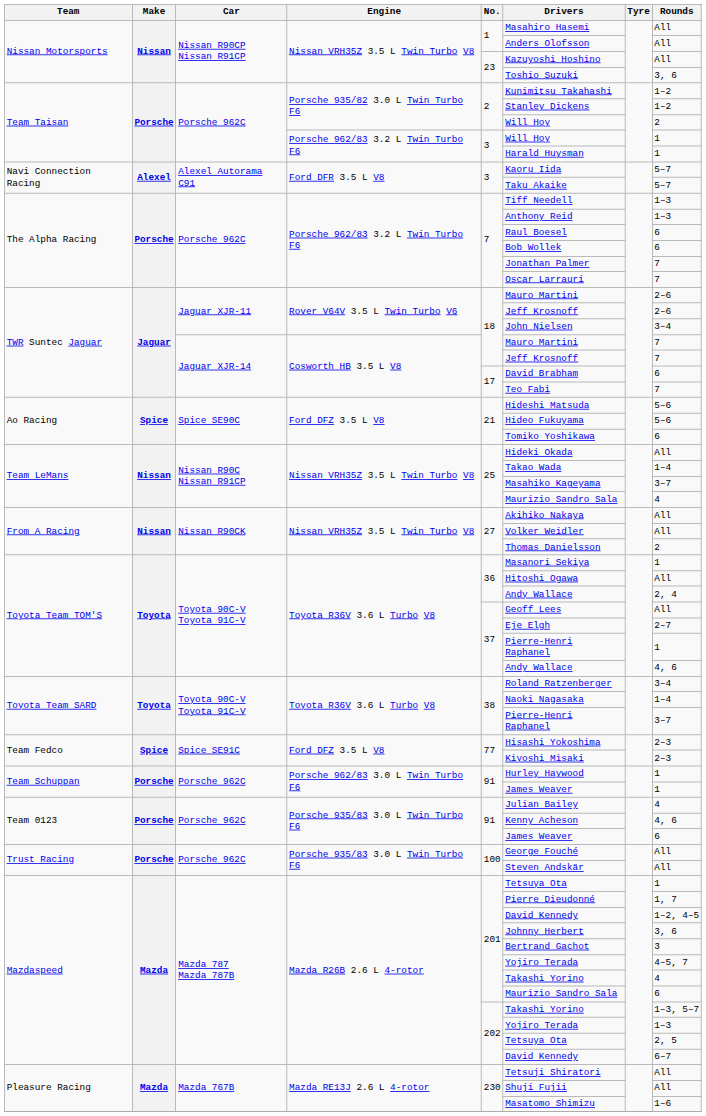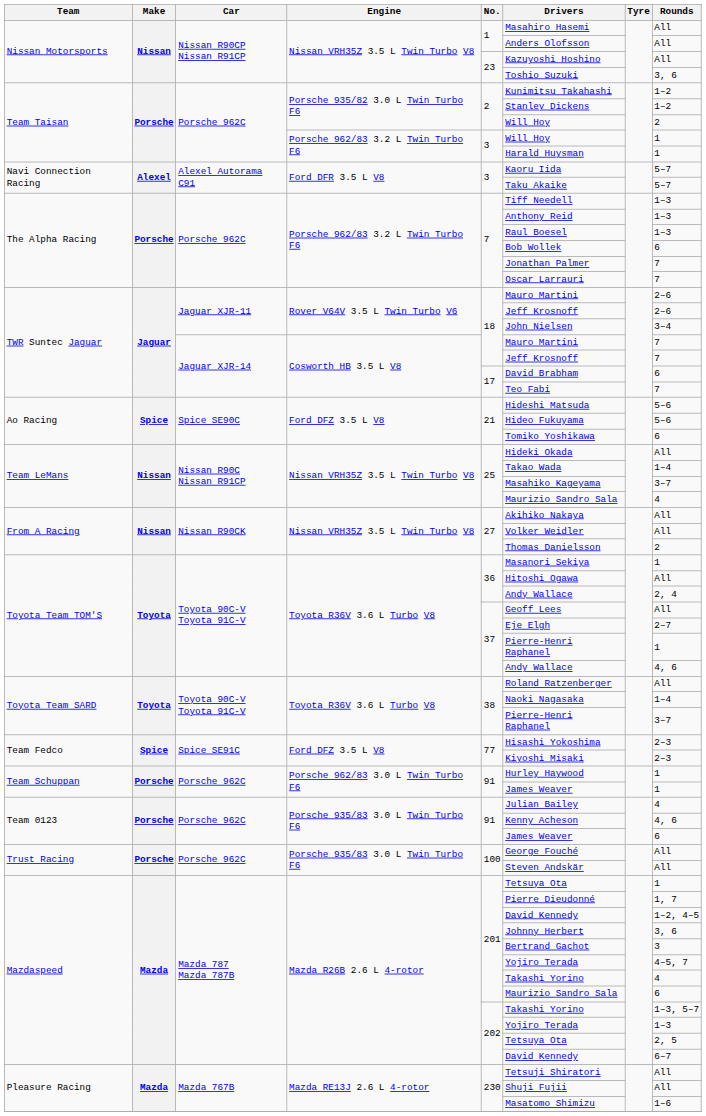 <table class="wikitable" style="font-size: 90%;">
 <tr>
 <th>Team</th>
 <th>Make</th>
 <th>Car</th>
 <th>Engine</th>
 <th>No.</th>
 <th>Drivers</th>
 <th>Tyre</th>
 <th>Rounds</th>
 </tr>
 <tr>
 <td rowspan=4><a href='#'>Nissan Motorsports</a></td>
 <th rowspan=4><a href='#'>Nissan</a></th>
 <td rowspan=4><a href='#'>Nissan R90CP</a><br><a href='#'>Nissan R91CP</a></td>
 <td rowspan=4><a href='#'>Nissan VRH35Z</a> 3.5 L <a href='#'>Twin Turbo</a> <a href='#'>V8</a></td>
 <td rowspan=2>1</td>
 <td> <a href='#'>Masahiro Hasemi</a></td>
 <td align=center rowspan=4></td>
 <td>All</td>
 </tr>
 <tr>
 <td> <a href='#'>Anders Olofsson</a></td>
 <td>All</td>
 </tr>
 <tr>
 <td rowspan=2>23</td>
 <td> <a href='#'>Kazuyoshi Hoshino</a></td>
 <td>All</td>
 </tr>
 <tr>
 <td> <a href='#'>Toshio Suzuki</a></td>
 <td>3, 6</td>
 </tr>
 <tr>
 <td rowspan=5><a href='#'>Team Taisan</a></td>
 <th rowspan=5><a href='#'>Porsche</a></th>
 <td rowspan=5><a href='#'>Porsche 962C</a></td>
 <td rowspan=3><a href='#'>Porsche 935/82</a> 3.0 L <a href='#'>Twin Turbo</a> <a href='#'>F6</a></td>
 <td rowspan=3>2</td>
 <td> <a href='#'>Kunimitsu Takahashi</a></td>
 <td align=center rowspan=5></td>
 <td>1–2</td>
 </tr>
 <tr>
 <td> <a href='#'>Stanley Dickens</a></td>
 <td>1–2</td>
 </tr>
 <tr>
 <td> <a href='#'>Will Hoy</a></td>
 <td>2</td>
 </tr>
 <tr>
 <td rowspan=2><a href='#'>Porsche 962/83</a> 3.2 L <a href='#'>Twin Turbo</a> <a href='#'>F6</a></td>
 <td rowspan=2>3</td>
 <td> <a href='#'>Will Hoy</a></td>
 <td>1</td>
 </tr>
 <tr>
 <td> <a href='#'>Harald Huysman</a></td>
 <td>1</td>
 </tr>
 <tr>
 <td rowspan=2>Navi Connection Racing</td>
 <th rowspan=2><a href='#'>Alexel</a></th>
 <td rowspan=2><a href='#'>Alexel Autorama C91</a></td>
 <td rowspan=2><a href='#'>Ford DFR</a> 3.5 L <a href='#'>V8</a></td>
 <td rowspan=2>3</td>
 <td> <a href='#'>Kaoru Iida</a></td>
 <td align=center rowspan=2></td>
 <td>5–7</td>
 </tr>
 <tr>
 <td> <a href='#'>Taku Akaike</a></td>
 <td>5–7</td>
 </tr>
 <tr>
 <td rowspan=6>The Alpha Racing</td>
 <th rowspan=6><a href='#'>Porsche</a></th>
 <td rowspan=6><a href='#'>Porsche 962C</a></td>
 <td rowspan=6><a href='#'>Porsche 962/83</a> 3.2 L <a href='#'>Twin Turbo</a> <a href='#'>F6</a></td>
 <td rowspan=6>7</td>
 <td> <a href='#'>Tiff Needell</a></td>
 <td align=center rowspan=6></td>
 <td>1–3</td>
 </tr>
 <tr>
 <td> <a href='#'>Anthony Reid</a></td>
 <td>1–3</td>
 </tr>
 <tr>
 <td> <a href='#'>Raul Boesel</a></td>
-<td>6</td>
+<td>1–3</td>
 </tr>
 <tr>
 <td> <a href='#'>Bob Wollek</a></td>
 <td>6</td>
 </tr>
 <tr>
 <td> <a href='#'>Jonathan Palmer</a></td>
 <td>7</td>
 </tr>
 <tr>
 <td> <a href='#'>Oscar Larrauri</a></td>
 <td>7</td>
 </tr>
 <tr>
 <td rowspan=7><a href='#'>TWR</a> Suntec <a href='#'>Jaguar</a></td>
 <th rowspan=7><a href='#'>Jaguar</a></th>
 <td rowspan=3><a href='#'>Jaguar XJR-11</a></td>
 <td rowspan=3><a href='#'>Rover V64V</a> 3.5 L <a href='#'>Twin Turbo</a> <a href='#'>V6</a></td>
 <td rowspan=5>18</td>
 <td> <a href='#'>Mauro Martini</a></td>
 <td align=center rowspan=7></td>
 <td>2–6</td>
 </tr>
 <tr>
 <td> <a href='#'>Jeff Krosnoff</a></td>
 <td>2–6</td>
 </tr>
 <tr>
 <td> <a href='#'>John Nielsen</a></td>
 <td>3–4</td>
 </tr>
 <tr>
 <td rowspan=4><a href='#'>Jaguar XJR-14</a></td>
 <td rowspan=4><a href='#'>Cosworth HB</a> 3.5 L <a href='#'>V8</a></td>
 <td> <a href='#'>Mauro Martini</a></td>
 <td>7</td>
 </tr>
 <tr>
 <td> <a href='#'>Jeff Krosnoff</a></td>
 <td>7</td>
 </tr>
 <tr>
 <td rowspan=2>17</td>
 <td> <a href='#'>David Brabham</a></td>
 <td>6</td>
 </tr>
 <tr>
 <td> <a href='#'>Teo Fabi</a></td>
 <td>7</td>
 </tr>
 <tr>
 <td rowspan=3>Ao Racing</td>
 <th rowspan=3><a href='#'>Spice</a></th>
 <td rowspan=3><a href='#'>Spice SE90C</a></td>
 <td rowspan=3><a href='#'>Ford DFZ</a> 3.5 L <a href='#'>V8</a></td>
 <td rowspan=3>21</td>
 <td> <a href='#'>Hideshi Matsuda</a></td>
 <td align=center rowspan=3></td>
 <td>5–6</td>
 </tr>
 <tr>
 <td> <a href='#'>Hideo Fukuyama</a></td>
 <td>5–6</td>
 </tr>
 <tr>
 <td> <a href='#'>Tomiko Yoshikawa</a></td>
 <td>6</td>
 </tr>
 <tr>
 <td rowspan=4><a href='#'>Team LeMans</a></td>
 <th rowspan=4><a href='#'>Nissan</a></th>
 <td rowspan=4><a href='#'>Nissan R90C</a><br><a href='#'>Nissan R91CP</a></td>
 <td rowspan=4><a href='#'>Nissan VRH35Z</a> 3.5 L <a href='#'>Twin Turbo</a> <a href='#'>V8</a></td>
 <td rowspan=4>25</td>
 <td> <a href='#'>Hideki Okada</a></td>
 <td align=center rowspan=4></td>
 <td>All</td>
 </tr>
 <tr>
 <td> <a href='#'>Takao Wada</a></td>
 <td>1–4</td>
 </tr>
 <tr>
 <td> <a href='#'>Masahiko Kageyama</a></td>
 <td>3–7</td>
 </tr>
 <tr>
 <td> <a href='#'>Maurizio Sandro Sala</a></td>
 <td>4</td>
 </tr>
 <tr>
 <td rowspan=3><a href='#'>From A Racing</a></td>
 <th rowspan=3><a href='#'>Nissan</a></th>
 <td rowspan=3><a href='#'>Nissan R90CK</a></td>
 <td rowspan=3><a href='#'>Nissan VRH35Z</a> 3.5 L <a href='#'>Twin Turbo</a> <a href='#'>V8</a></td>
 <td rowspan=3>27</td>
 <td> <a href='#'>Akihiko Nakaya</a></td>
 <td align=center rowspan=3></td>
 <td>All</td>
 </tr>
 <tr>
 <td> <a href='#'>Volker Weidler</a></td>
 <td>All</td>
 </tr>
 <tr>
 <td> <a href='#'>Thomas Danielsson</a></td>
 <td>2</td>
 </tr>
 <tr>
 <td rowspan=7><a href='#'>Toyota Team TOM'S</a></td>
 <th rowspan=7><a href='#'>Toyota</a></th>
 <td rowspan=7><a href='#'>Toyota 90C-V</a><br><a href='#'>Toyota 91C-V</a></td>
 <td rowspan=7><a href='#'>Toyota R36V</a> 3.6 L <a href='#'>Turbo</a> <a href='#'>V8</a></td>
 <td rowspan=3>36</td>
 <td> <a href='#'>Masanori Sekiya</a></td>
 <td align=center rowspan=7></td>
 <td>1</td>
 </tr>
 <tr>
 <td> <a href='#'>Hitoshi Ogawa</a></td>
 <td>All</td>
 </tr>
 <tr>
 <td> <a href='#'>Andy Wallace</a></td>
 <td>2, 4</td>
 </tr>
 <tr>
 <td rowspan=4>37</td>
 <td> <a href='#'>Geoff Lees</a></td>
 <td>All</td>
 </tr>
 <tr>
 <td> <a href='#'>Eje Elgh</a></td>
 <td>2–7</td>
 </tr>
 <tr>
 <td> <a href='#'>Pierre-Henri Raphanel</a></td>
 <td>1</td>
 </tr>
 <tr>
 <td> <a href='#'>Andy Wallace</a></td>
 <td>4, 6</td>
 </tr>
 <tr>
 <td rowspan=3><a href='#'>Toyota Team SARD</a></td>
 <th rowspan=3><a href='#'>Toyota</a></th>
 <td rowspan=3><a href='#'>Toyota 90C-V</a><br><a href='#'>Toyota 91C-V</a></td>
 <td rowspan=3><a href='#'>Toyota R36V</a> 3.6 L <a href='#'>Turbo</a> <a href='#'>V8</a></td>
 <td rowspan=3>38</td>
 <td> <a href='#'>Roland Ratzenberger</a></td>
 <td align=center rowspan=3></td>
-<td>3–4</td>
+<td>All</td>
 </tr>
 <tr>
 <td> <a href='#'>Naoki Nagasaka</a></td>
 <td>1–4</td>
 </tr>
 <tr>
 <td> <a href='#'>Pierre-Henri Raphanel</a></td>
 <td>3–7</td>
 </tr>
 <tr>
 <td rowspan=2>Team Fedco</td>
 <th rowspan=2><a href='#'>Spice</a></th>
 <td rowspan=2><a href='#'>Spice SE91C</a></td>
 <td rowspan=2><a href='#'>Ford DFZ</a> 3.5 L <a href='#'>V8</a></td>
 <td rowspan=2>77</td>
 <td> <a href='#'>Hisashi Yokoshima</a></td>
 <td align=center rowspan=2></td>
 <td>2–3</td>
 </tr>
 <tr>
 <td> <a href='#'>Kiyoshi Misaki</a></td>
 <td>2–3</td>
 </tr>
 <tr>
 <td rowspan=2><a href='#'>Team Schuppan</a></td>
 <th rowspan=2><a href='#'>Porsche</a></th>
 <td rowspan=2><a href='#'>Porsche 962C</a></td>
 <td rowspan=2><a href='#'>Porsche 962/83</a> 3.0 L <a href='#'>Twin Turbo</a> <a href='#'>F6</a></td>
 <td rowspan=2>91</td>
 <td> <a href='#'>Hurley Haywood</a></td>
 <td align=center rowspan=2></td>
 <td>1</td>
 </tr>
 <tr>
 <td> <a href='#'>James Weaver</a></td>
 <td>1</td>
 </tr>
 <tr>
 <td rowspan=3>Team 0123</td>
 <th rowspan=3><a href='#'>Porsche</a></th>
 <td rowspan=3><a href='#'>Porsche 962C</a></td>
 <td rowspan=3><a href='#'>Porsche 935/83</a> 3.0 L <a href='#'>Twin Turbo</a> <a href='#'>F6</a></td>
 <td rowspan=3>91</td>
 <td> <a href='#'>Julian Bailey</a></td>
 <td align=center rowspan=3></td>
 <td>4</td>
 </tr>
 <tr>
 <td> <a href='#'>Kenny Acheson</a></td>
 <td>4, 6</td>
 </tr>
 <tr>
 <td> <a href='#'>James Weaver</a></td>
 <td>6</td>
 </tr>
 <tr>
 <td rowspan=2><a href='#'>Trust Racing</a></td>
 <th rowspan=2><a href='#'>Porsche</a></th>
 <td rowspan=2><a href='#'>Porsche 962C</a></td>
 <td rowspan=2><a href='#'>Porsche 935/83</a> 3.0 L <a href='#'>Twin Turbo</a> <a href='#'>F6</a></td>
 <td rowspan=2>100</td>
 <td> <a href='#'>George Fouché</a></td>
 <td align=center rowspan=2></td>
 <td>All</td>
 </tr>
 <tr>
 <td> <a href='#'>Steven Andskär</a></td>
 <td>All</td>
 </tr>
 <tr>
 <td rowspan=12><a href='#'>Mazdaspeed</a></td>
 <th rowspan=12><a href='#'>Mazda</a></th>
 <td rowspan=12><a href='#'>Mazda 787</a><br><a href='#'>Mazda 787B</a></td>
 <td rowspan=12><a href='#'>Mazda R26B</a> 2.6 L <a href='#'>4-rotor</a></td>
 <td rowspan=8>201</td>
 <td> <a href='#'>Tetsuya Ota</a></td>
 <td align=center rowspan=12></td>
 <td>1</td>
 </tr>
 <tr>
 <td> <a href='#'>Pierre Dieudonné</a></td>
 <td>1, 7</td>
 </tr>
 <tr>
 <td> <a href='#'>David Kennedy</a></td>
 <td>1–2, 4–5</td>
 </tr>
 <tr>
 <td> <a href='#'>Johnny Herbert</a></td>
 <td>3, 6</td>
 </tr>
 <tr>
 <td> <a href='#'>Bertrand Gachot</a></td>
 <td>3</td>
 </tr>
 <tr>
 <td> <a href='#'>Yojiro Terada</a></td>
 <td>4–5, 7</td>
 </tr>
 <tr>
 <td> <a href='#'>Takashi Yorino</a></td>
 <td>4</td>
 </tr>
 <tr>
 <td> <a href='#'>Maurizio Sandro Sala</a></td>
 <td>6</td>
 </tr>
 <tr>
 <td rowspan=4>202</td>
 <td> <a href='#'>Takashi Yorino</a></td>
 <td>1–3, 5–7</td>
 </tr>
 <tr>
 <td> <a href='#'>Yojiro Terada</a></td>
 <td>1–3</td>
 </tr>
 <tr>
 <td> <a href='#'>Tetsuya Ota</a></td>
 <td>2, 5</td>
 </tr>
 <tr>
 <td> <a href='#'>David Kennedy</a></td>
 <td>6–7</td>
 </tr>
 <tr>
 <td rowspan=3>Pleasure Racing</td>
 <th rowspan=3><a href='#'>Mazda</a></th>
 <td rowspan=3><a href='#'>Mazda 767B</a></td>
 <td rowspan=3><a href='#'>Mazda RE13J</a> 2.6 L <a href='#'>4-rotor</a></td>
 <td rowspan=3>230</td>
 <td> <a href='#'>Tetsuji Shiratori</a></td>
 <td align=center rowspan=3></td>
 <td>All</td>
 </tr>
 <tr>
 <td> <a href='#'>Shuji Fujii</a></td>
 <td>All</td>
 </tr>
 <tr>
 <td> <a href='#'>Masatomo Shimizu</a></td>
 <td>1–6</td>
 </tr>
 <tr>
 </tr>
 </table>
